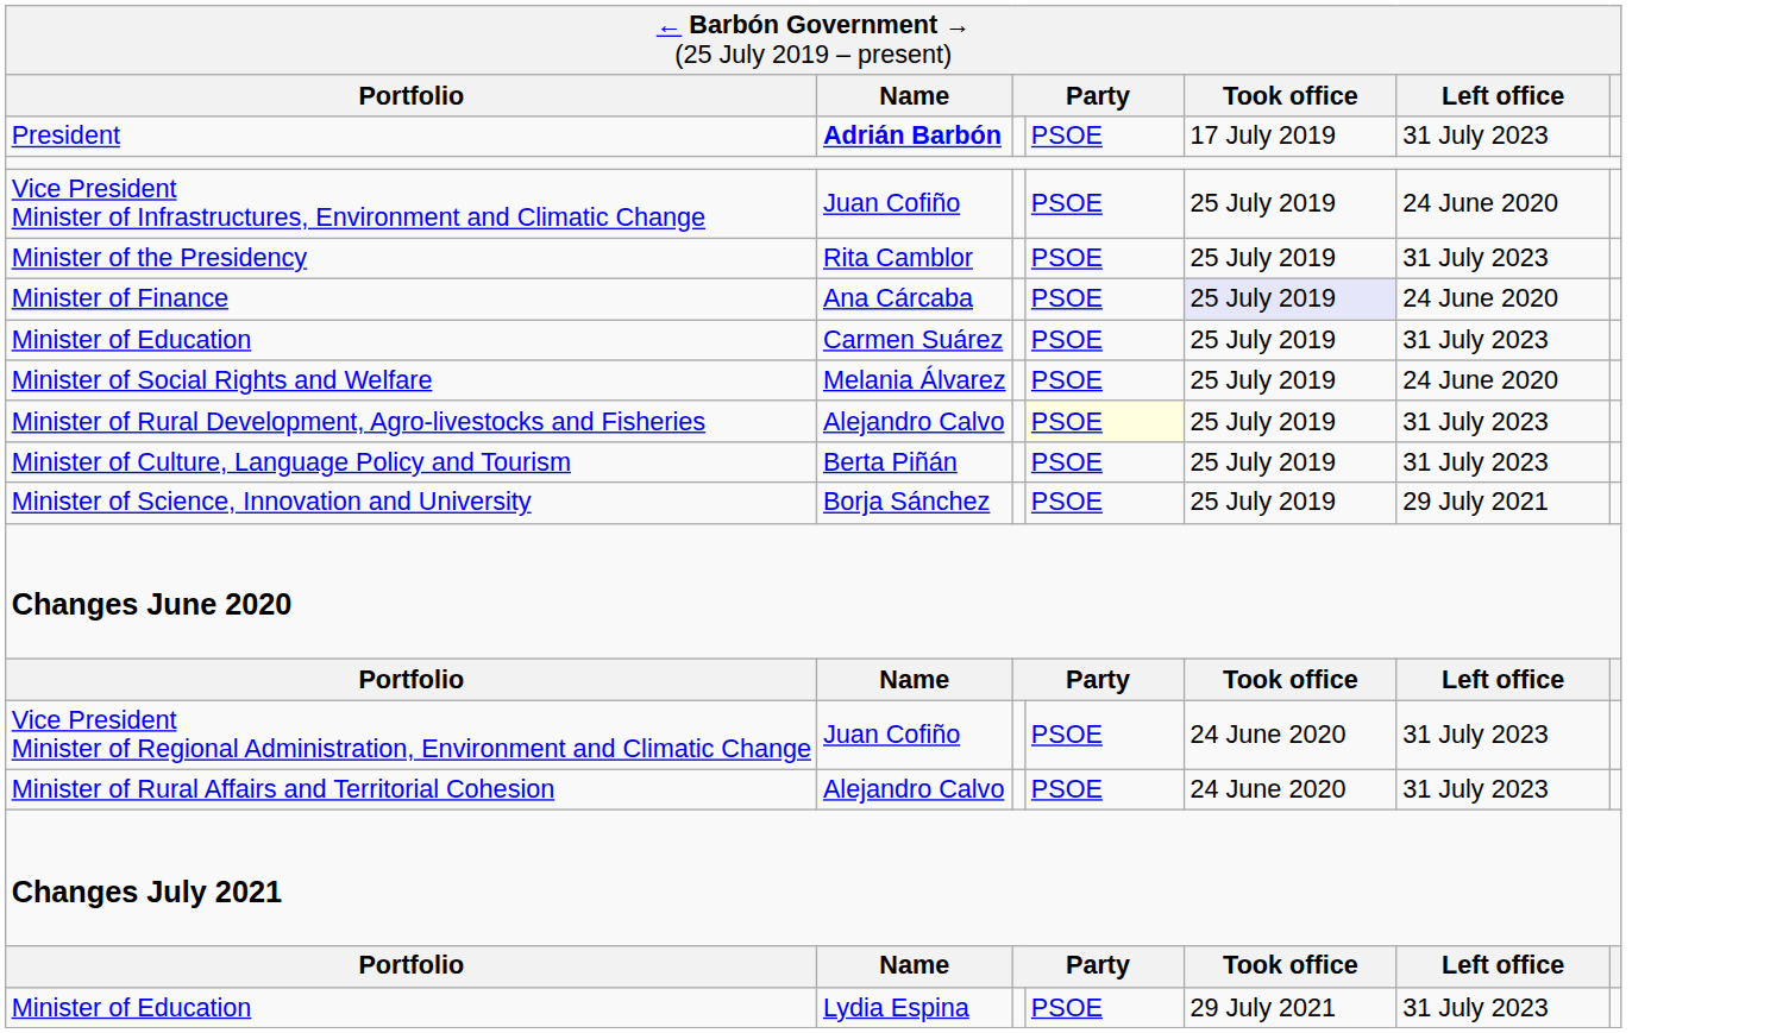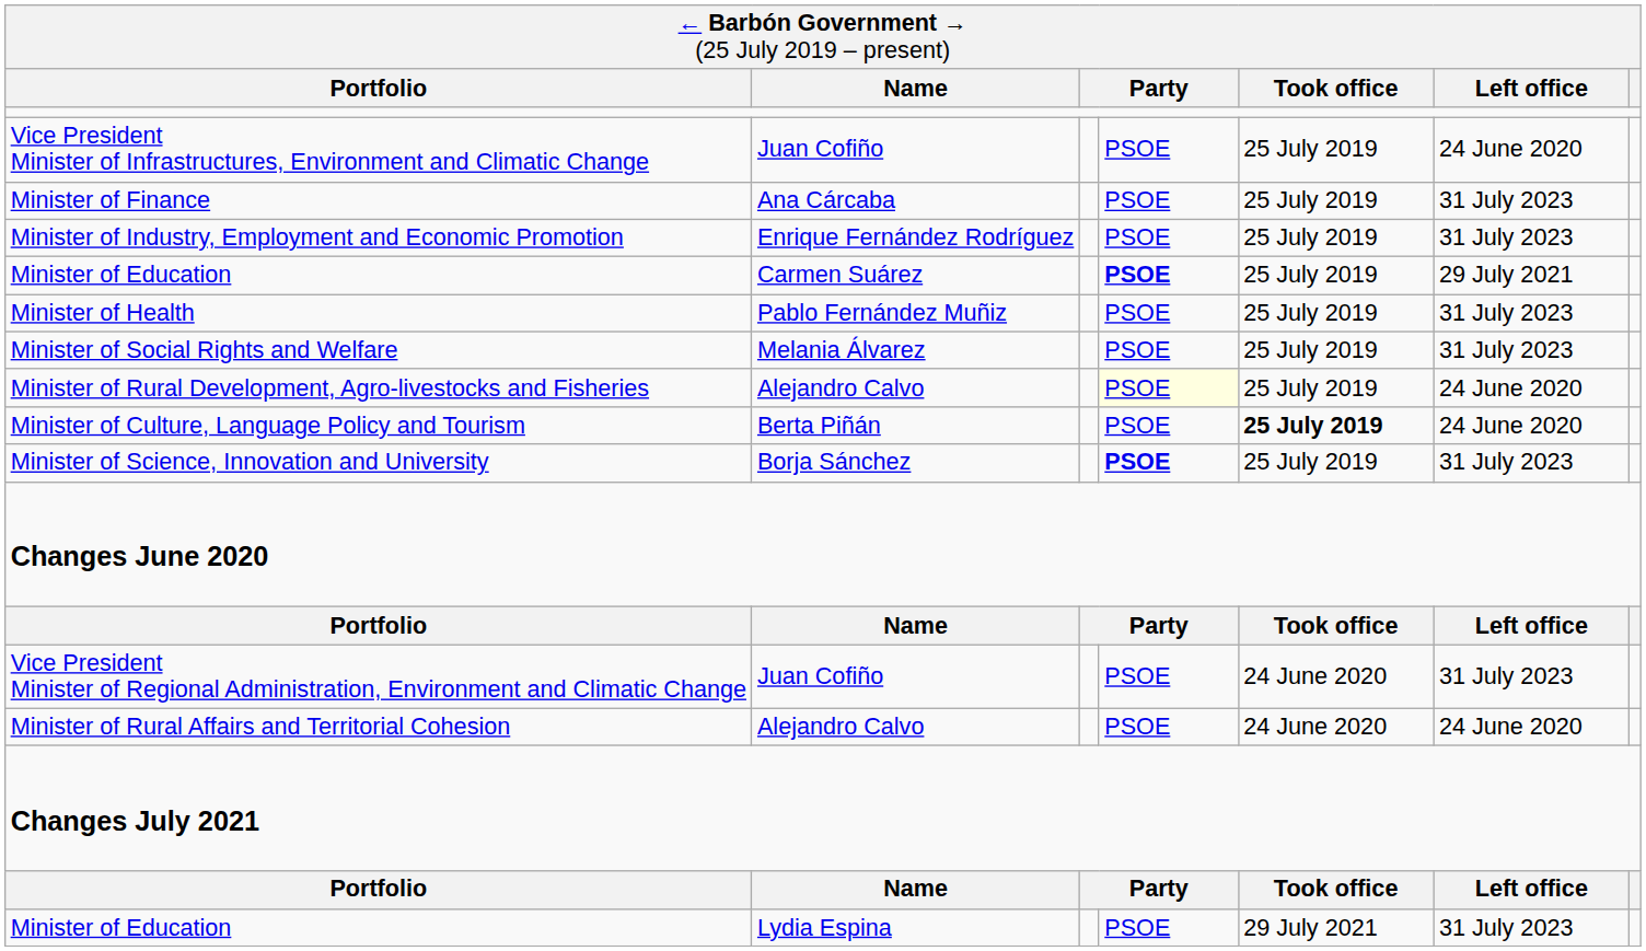 <table class="wikitable">
 <tr>
 <td colspan="7" bgcolor="#F2F2F2" align="center"><a href='#'>←</a> <strong>Barbón Government</strong> →<br>(25 July 2019 – present)</td>
 </tr>
 <tr>
 <th>Portfolio</th>
 <th>Name</th>
 <th width="100px" colspan="2">Party</th>
 <th width="125px">Took office</th>
 <th width="125px">Left office</th>
 <th></th>
-</tr>
-<tr>
-<td><a href='#'>President</a></td>
-<td><strong><a href='#'>Adrián Barbón</a></strong></td>
-<td width="1" style="background-color:"></td>
-<td><a href='#'>PSOE</a></td>
-<td>17 July 2019</td>
-<td>31 July 2023</td>
-<td align="center"></td>
 </tr>
 <tr>
 <td colspan="7"></td>
 </tr>
 <tr>
 <td><a href='#'>Vice President</a><br><a href='#'>Minister of Infrastructures, Environment and Climatic Change</a></td>
 <td><a href='#'>Juan Cofiño</a></td>
 <td style="background-color:"></td>
 <td><a href='#'>PSOE</a></td>
 <td>25 July 2019</td>
 <td>24 June 2020</td>
 <td align="center"><br></td>
 </tr>
 <tr>
-<td><a href='#'>Minister of the Presidency</a></td>
-<td><a href='#'>Rita Camblor</a></td>
+<td><a href='#'>Minister of Finance</a></td>
+<td><a href='#'>Ana Cárcaba</a></td>
+<td style="background-color:"></td>
+<td><a href='#'>PSOE</a> </td>
+<td>25 July 2019</td>
+<td>31 July 2023</td>
+<td align="center"></td>
+</tr>
+<tr>
+<td><a href='#'>Minister of Industry, Employment and Economic Promotion</a></td>
+<td><a href='#'>Enrique Fernández Rodríguez</a></td>
 <td style="background-color:"></td>
 <td><a href='#'>PSOE</a></td>
 <td>25 July 2019</td>
 <td>31 July 2023</td>
 <td align="center"></td>
 </tr>
 <tr>
-<td><a href='#'>Minister of Finance</a></td>
-<td><a href='#'>Ana Cárcaba</a></td>
+<td><a href='#'>Minister of Education</a></td>
+<td><a href='#'>Carmen Suárez</a></td>
 <td style="background-color:"></td>
-<td><a href='#'>PSOE</a> </td>
-<td style="background: lavender;">25 July 2019</td>
-<td>24 June 2020</td>
+<td><strong><a href='#'>PSOE</a> </strong></td>
+<td>25 July 2019</td>
+<td>29 July 2021</td>
 <td align="center"></td>
 </tr>
 <tr>
-<td><a href='#'>Minister of Education</a></td>
-<td><a href='#'>Carmen Suárez</a></td>
+<td><a href='#'>Minister of Health</a></td>
+<td><a href='#'>Pablo Fernández Muñiz</a></td>
 <td style="background-color:"></td>
-<td><a href='#'>PSOE</a> </td>
+<td><a href='#'>PSOE</a></td>
 <td>25 July 2019</td>
 <td>31 July 2023</td>
 <td align="center"></td>
 </tr>
 <tr>
 <td><a href='#'>Minister of Social Rights and Welfare</a></td>
 <td><a href='#'>Melania Álvarez</a></td>
 <td style="background-color:"></td>
 <td><a href='#'>PSOE</a></td>
 <td>25 July 2019</td>
-<td>24 June 2020</td>
+<td>31 July 2023</td>
 <td align="center"></td>
 </tr>
 <tr>
 <td><a href='#'>Minister of Rural Development, Agro-livestocks and Fisheries</a></td>
 <td><a href='#'>Alejandro Calvo</a></td>
 <td style="background-color:"></td>
 <td style="background: lightyellow;"><a href='#'>PSOE</a></td>
 <td>25 July 2019</td>
-<td>31 July 2023</td>
+<td>24 June 2020</td>
 <td align="center"></td>
 </tr>
 <tr>
 <td><a href='#'>Minister of Culture, Language Policy and Tourism</a></td>
 <td><a href='#'>Berta Piñán</a></td>
 <td style="background-color:"></td>
 <td><a href='#'>PSOE</a> </td>
-<td>25 July 2019</td>
-<td>31 July 2023</td>
+<td><strong>25 July 2019</strong></td>
+<td>24 June 2020</td>
 <td align="center"></td>
 </tr>
 <tr>
 <td><a href='#'>Minister of Science, Innovation and University</a></td>
 <td><a href='#'>Borja Sánchez</a></td>
 <td style="background-color:"></td>
-<td><a href='#'>PSOE</a></td>
+<td><strong><a href='#'>PSOE</a></strong></td>
 <td>25 July 2019</td>
-<td>29 July 2021</td>
+<td>31 July 2023</td>
 <td align="center"></td>
 </tr>
 <tr>
 <td colspan="7"><br><h3>Changes June 2020</h3></td>
 </tr>
 <tr>
 <th>Portfolio</th>
 <th>Name</th>
 <th colspan="2">Party</th>
 <th>Took office</th>
 <th>Left office</th>
 <th></th>
 </tr>
 <tr>
 <td><a href='#'>Vice President</a><br><a href='#'>Minister of Regional Administration, Environment and Climatic Change</a></td>
 <td><a href='#'>Juan Cofiño</a></td>
 <td style="background-color:"></td>
 <td><a href='#'>PSOE</a></td>
 <td>24 June 2020</td>
 <td>31 July 2023</td>
 <td align="center"><br></td>
 </tr>
 <tr>
 <td><a href='#'>Minister of Rural Affairs and Territorial Cohesion</a></td>
 <td><a href='#'>Alejandro Calvo</a></td>
 <td style="background-color:"></td>
 <td><a href='#'>PSOE</a></td>
 <td>24 June 2020</td>
-<td>31 July 2023</td>
+<td>24 June 2020</td>
 <td align="center"></td>
 </tr>
 <tr>
 <td colspan="7"><br><h3>Changes July 2021</h3></td>
 </tr>
 <tr>
 <th>Portfolio</th>
 <th>Name</th>
 <th colspan="2">Party</th>
 <th>Took office</th>
 <th>Left office</th>
 <th></th>
 </tr>
 <tr>
 <td><a href='#'>Minister of Education</a></td>
 <td><a href='#'>Lydia Espina</a></td>
 <td style="background-color:"></td>
 <td><a href='#'>PSOE</a></td>
 <td>29 July 2021</td>
 <td>31 July 2023</td>
 <td align="center"></td>
 </tr>
 </table>
